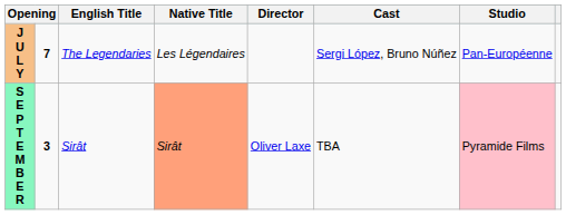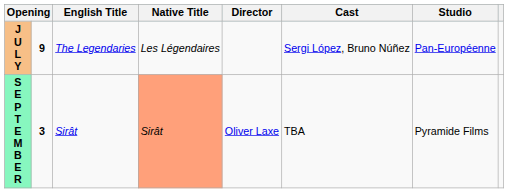 <table class="wikitable sortable">
 <tr style="background:#b0e0e6; text-align:center;">
 <th colspan="2">Opening</th>
 <th>English Title</th>
 <th>Native Title</th>
 <th>Director</th>
 <th>Cast</th>
 <th>Studio</th>
 <th></th>
 </tr>
 <tr>
 <th rowspan="1" style="text-align:center; background:#f7bf87; ">J<br>U<br>L<br>Y</th>
-<td rowspan="1" style="text-align:center;"><strong>7</strong></td>
+<td rowspan="1" style="text-align:center;"><strong>9</strong></td>
 <td><em><a href='#'>The Legendaries</a></em></td>
 <td><em>Les Légendaires</em></td>
 <td></td>
 <td><a href='#'>Sergi López</a>, Bruno Núñez</td>
 <td><a href='#'>Pan-Européenne</a></td>
 <td></td>
 </tr>
 <tr>
 <th rowspan="2" style="text-align:center; background:#87f7bf; textcolor:#000;">S<br>E<br>P<br>T<br>E<br>M<br>B<br>E<br>R</th>
 <td rowspan="2" style="text-align:center;"><strong>3</strong></td>
 <td><em><a href='#'>Sirât</a></em></td>
 <td style="background: lightsalmon;"><em>Sirât</em></td>
 <td><a href='#'>Oliver Laxe</a></td>
 <td>TBA</td>
-<td style="background: pink;">Pyramide Films</td>
+<td>Pyramide Films</td>
 <td></td>
 </tr>
 </table>
